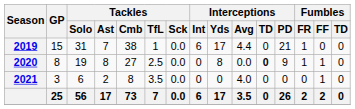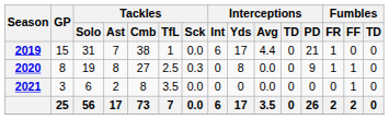 <table class="wikitable" style="text-align:center;">
 <tr>
 <th rowspan="2">Season</th>
 <th rowspan="2">GP</th>
 <th colspan="5">Tackles</th>
 <th colspan="5">Interceptions</th>
 <th colspan="3">Fumbles</th>
 </tr>
 <tr>
 <th>Solo</th>
 <th>Ast</th>
 <th>Cmb</th>
 <th>TfL</th>
 <th>Sck</th>
 <th>Int</th>
 <th>Yds</th>
 <th>Avg</th>
 <th>TD</th>
 <th>PD</th>
 <th>FR</th>
 <th>FF</th>
 <th>TD</th>
 </tr>
 <tr>
 <th><a href='#'>2019</a></th>
 <td>15</td>
 <td>31</td>
 <td>7</td>
 <td>38</td>
 <td>1</td>
 <td>0.0</td>
 <td>6</td>
 <td>17</td>
 <td>4.4</td>
 <td>0</td>
 <td>21</td>
 <td>1</td>
 <td>0</td>
 <td>0</td>
 </tr>
 <tr>
 <th><a href='#'>2020</a></th>
 <td>8</td>
 <td>19</td>
 <td>8</td>
 <td>27</td>
 <td>2.5</td>
-<td>0.0</td>
+<td>0.3</td>
 <td>0</td>
 <td>8</td>
 <td>0.0</td>
-<td><strong>0</strong></td>
+<td>0</td>
 <td>9</td>
 <td>1</td>
 <td>1</td>
 <td>0</td>
 </tr>
 <tr>
 <th><a href='#'>2021</a></th>
 <td>3</td>
 <td>6</td>
 <td>2</td>
 <td>8</td>
 <td>3.5</td>
 <td>0.0</td>
 <td>0</td>
 <td>0</td>
-<td>4.0</td>
+<td>0.0</td>
 <td>0</td>
 <td>0</td>
 <td>0</td>
 <td>1</td>
 <td>0</td>
 </tr>
 <tr>
 <th></th>
 <th>25</th>
 <th>56</th>
 <th>17</th>
 <th>73</th>
 <th>7</th>
 <th>0.0</th>
 <th>6</th>
 <th>17</th>
 <th>3.5</th>
 <th>0</th>
 <th>26</th>
 <th>2</th>
 <th>2</th>
 <th>0</th>
 </tr>
 <tr>
 </tr>
 </table>
